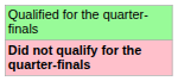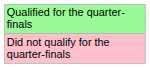 <table class="wikitable">
 <tr>
 <td width=200px bgcolor="#98fb98">Qualified for the quarter-finals</td>
 </tr>
 <tr>
-<td width=200px bgcolor=pink><strong>Did not qualify for the quarter-finals</strong></td>
+<td width=200px bgcolor=pink>Did not qualify for the quarter-finals</td>
 </tr>
 </table>
